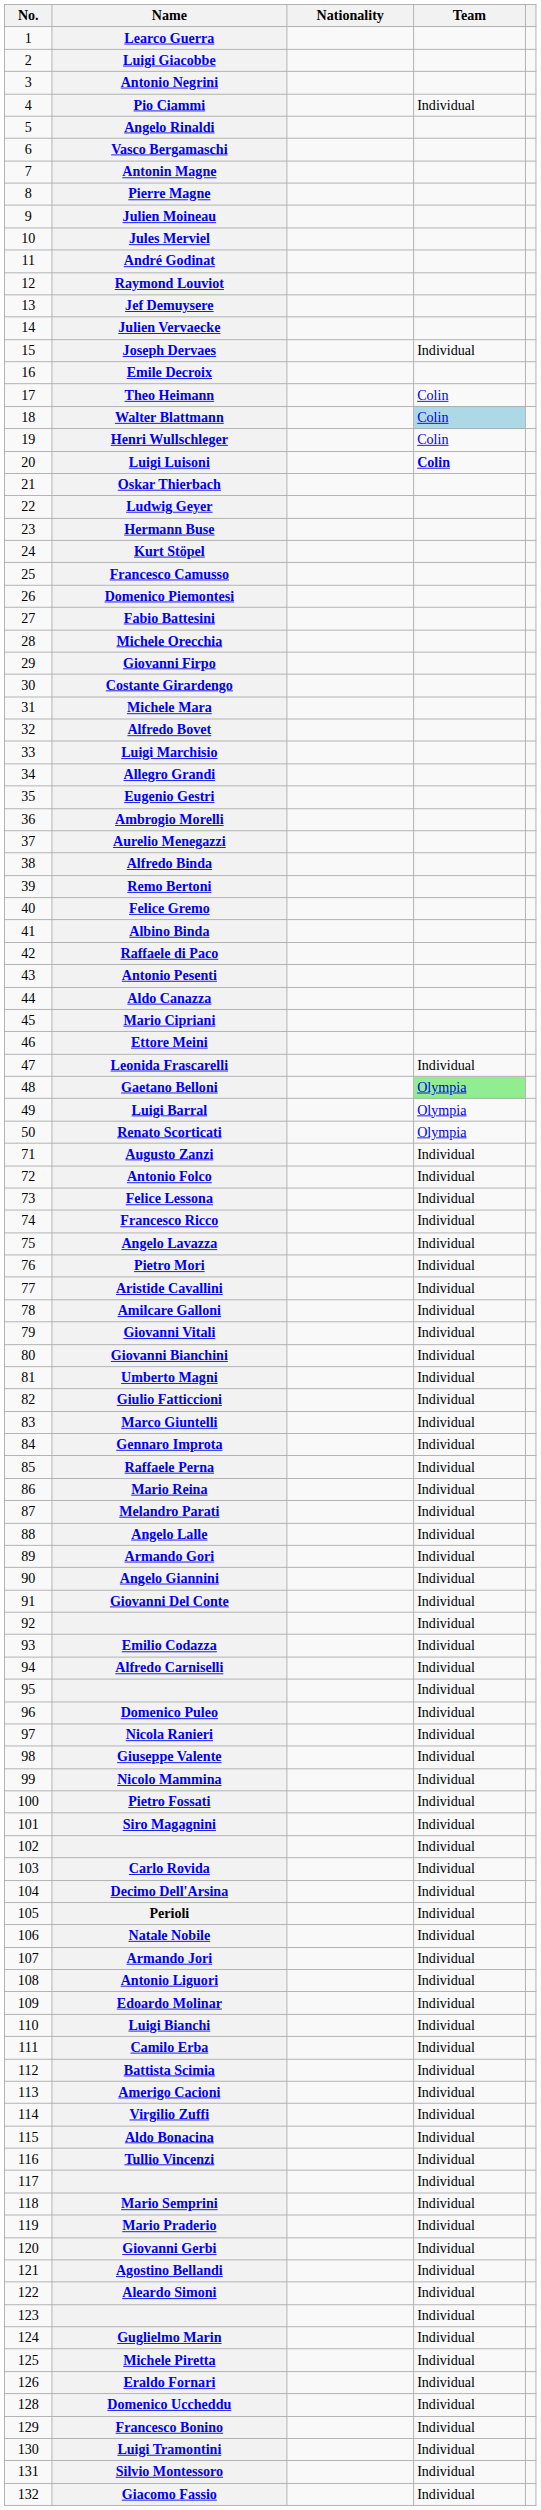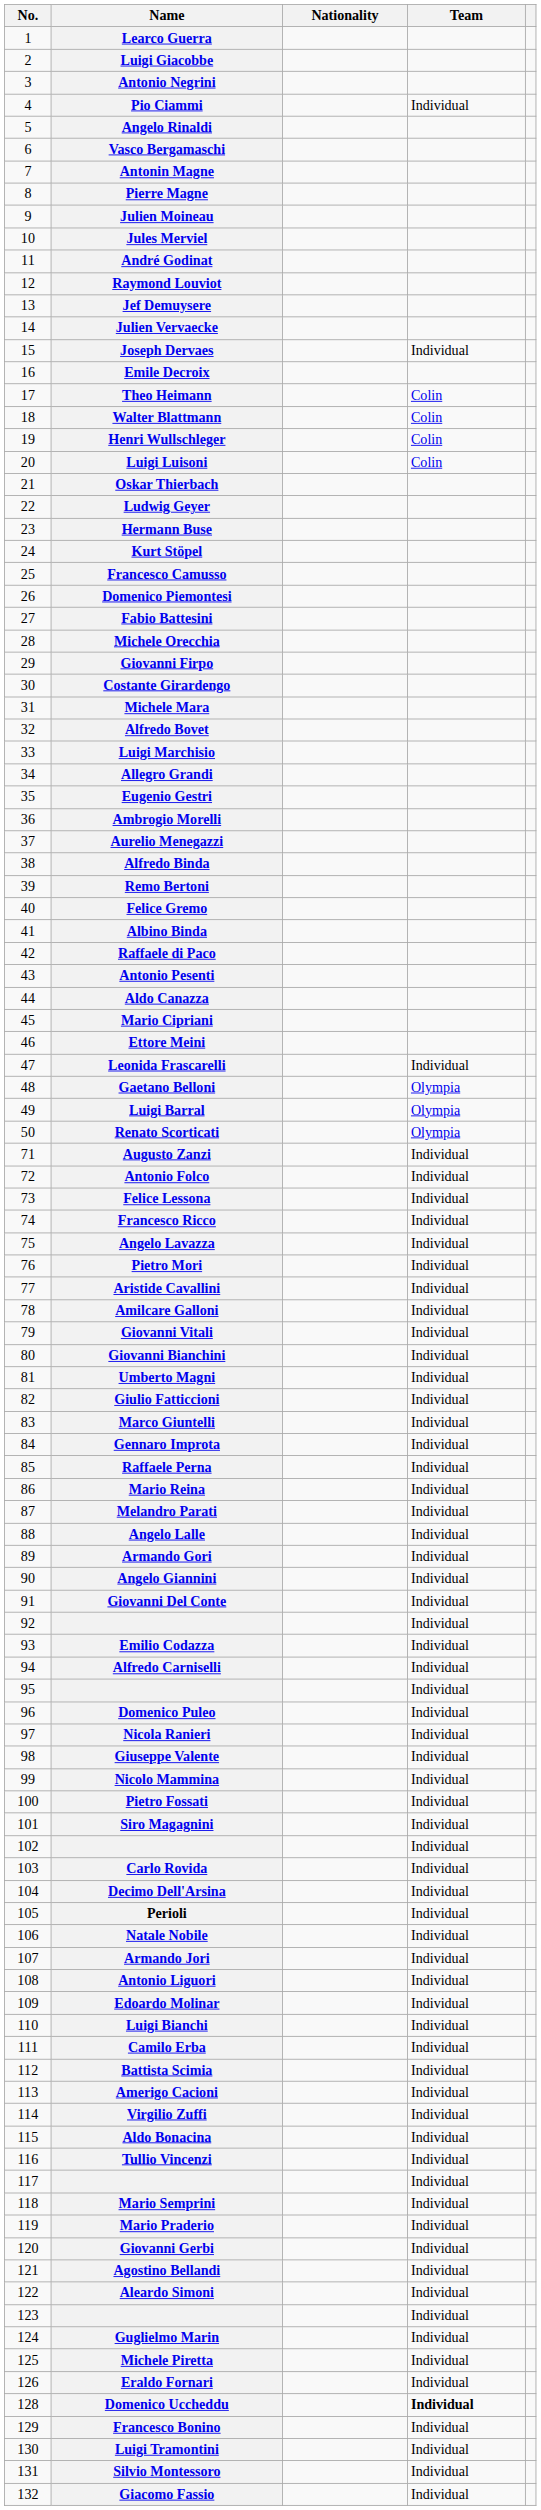 <table class="wikitable plainrowheaders sortable" style="width:97%">
 <tr>
 <th scope="col">No.</th>
 <th scope="col">Name</th>
 <th scope="col">Nationality</th>
 <th scope="col">Team</th>
 <th scope="col" class="unsortable"></th>
 </tr>
 <tr>
 <td style="text-align:center;">1</td>
 <th scope="row"><a href='#'>Learco Guerra</a></th>
 <td></td>
 <td></td>
 <td style="text-align:center;"></td>
 </tr>
 <tr>
 <td style="text-align:center;">2</td>
 <th scope="row"><a href='#'>Luigi Giacobbe</a></th>
 <td></td>
 <td></td>
 <td style="text-align:center;"></td>
 </tr>
 <tr>
 <td style="text-align:center;">3</td>
 <th scope="row"><a href='#'>Antonio Negrini</a></th>
 <td></td>
 <td></td>
 <td style="text-align:center;"></td>
 </tr>
 <tr>
 <td style="text-align:center;">4</td>
 <th scope="row"><a href='#'>Pio Ciammi</a></th>
 <td></td>
 <td>Individual</td>
 <td style="text-align:center;"></td>
 </tr>
 <tr>
 <td style="text-align:center;">5</td>
 <th scope="row"><a href='#'>Angelo Rinaldi</a></th>
 <td></td>
 <td></td>
 <td style="text-align:center;"></td>
 </tr>
 <tr>
 <td style="text-align:center;">6</td>
 <th scope="row"><a href='#'>Vasco Bergamaschi</a></th>
 <td></td>
 <td></td>
 <td style="text-align:center;"></td>
 </tr>
 <tr>
 <td style="text-align:center;">7</td>
 <th scope="row"><a href='#'>Antonin Magne</a></th>
 <td></td>
 <td></td>
 <td style="text-align:center;"></td>
 </tr>
 <tr>
 <td style="text-align:center;">8</td>
 <th scope="row"><a href='#'>Pierre Magne</a></th>
 <td></td>
 <td></td>
 <td style="text-align:center;"></td>
 </tr>
 <tr>
 <td style="text-align:center;">9</td>
 <th scope="row"><a href='#'>Julien Moineau</a></th>
 <td></td>
 <td></td>
 <td style="text-align:center;"></td>
 </tr>
 <tr>
 <td style="text-align:center;">10</td>
 <th scope="row"><a href='#'>Jules Merviel</a></th>
 <td></td>
 <td></td>
 <td style="text-align:center;"></td>
 </tr>
 <tr>
 <td style="text-align:center;">11</td>
 <th scope="row"><a href='#'>André Godinat</a></th>
 <td></td>
 <td></td>
 <td style="text-align:center;"></td>
 </tr>
 <tr>
 <td style="text-align:center;">12</td>
 <th scope="row"><a href='#'>Raymond Louviot</a></th>
 <td></td>
 <td></td>
 <td style="text-align:center;"></td>
 </tr>
 <tr>
 <td style="text-align:center;">13</td>
 <th scope="row"><a href='#'>Jef Demuysere</a></th>
 <td></td>
 <td></td>
 <td style="text-align:center;"></td>
 </tr>
 <tr>
 <td style="text-align:center;">14</td>
 <th scope="row"><a href='#'>Julien Vervaecke</a></th>
 <td></td>
 <td></td>
 <td style="text-align:center;"></td>
 </tr>
 <tr>
 <td style="text-align:center;">15</td>
 <th scope="row"><a href='#'>Joseph Dervaes</a></th>
 <td></td>
 <td>Individual</td>
 <td style="text-align:center;"></td>
 </tr>
 <tr>
 <td style="text-align:center;">16</td>
 <th scope="row"><a href='#'>Emile Decroix</a></th>
 <td></td>
 <td></td>
 <td style="text-align:center;"></td>
 </tr>
 <tr>
 <td style="text-align:center;">17</td>
 <th scope="row"><a href='#'>Theo Heimann</a></th>
 <td></td>
 <td><a href='#'>Colin</a></td>
 <td style="text-align:center;"></td>
 </tr>
 <tr>
 <td style="text-align:center;">18</td>
 <th scope="row"><a href='#'>Walter Blattmann</a></th>
 <td></td>
-<td style="background: lightblue;"><a href='#'>Colin</a></td>
+<td><a href='#'>Colin</a></td>
 <td style="text-align:center;"></td>
 </tr>
 <tr>
 <td style="text-align:center;">19</td>
 <th scope="row"><a href='#'>Henri Wullschleger</a></th>
 <td></td>
 <td><a href='#'>Colin</a></td>
 <td style="text-align:center;"></td>
 </tr>
 <tr>
 <td style="text-align:center;">20</td>
 <th scope="row"><a href='#'>Luigi Luisoni</a></th>
 <td></td>
-<td><strong><a href='#'>Colin</a></strong></td>
+<td><a href='#'>Colin</a></td>
 <td style="text-align:center;"></td>
 </tr>
 <tr>
 <td style="text-align:center;">21</td>
 <th scope="row"><a href='#'>Oskar Thierbach</a></th>
 <td></td>
 <td></td>
 <td style="text-align:center;"></td>
 </tr>
 <tr>
 <td style="text-align:center;">22</td>
 <th scope="row"><a href='#'>Ludwig Geyer</a></th>
 <td></td>
 <td></td>
 <td style="text-align:center;"></td>
 </tr>
 <tr>
 <td style="text-align:center;">23</td>
 <th scope="row"><a href='#'>Hermann Buse</a></th>
 <td></td>
 <td></td>
 <td style="text-align:center;"></td>
 </tr>
 <tr>
 <td style="text-align:center;">24</td>
 <th scope="row"><a href='#'>Kurt Stöpel</a></th>
 <td></td>
 <td></td>
 <td style="text-align:center;"></td>
 </tr>
 <tr>
 <td style="text-align:center;">25</td>
 <th scope="row"><a href='#'>Francesco Camusso</a></th>
 <td></td>
 <td></td>
 <td style="text-align:center;"></td>
 </tr>
 <tr>
 <td style="text-align:center;">26</td>
 <th scope="row"><a href='#'>Domenico Piemontesi</a></th>
 <td></td>
 <td></td>
 <td style="text-align:center;"></td>
 </tr>
 <tr>
 <td style="text-align:center;">27</td>
 <th scope="row"><a href='#'>Fabio Battesini</a></th>
 <td></td>
 <td></td>
 <td style="text-align:center;"></td>
 </tr>
 <tr>
 <td style="text-align:center;">28</td>
 <th scope="row"><a href='#'>Michele Orecchia</a></th>
 <td></td>
 <td></td>
 <td style="text-align:center;"></td>
 </tr>
 <tr>
 <td style="text-align:center;">29</td>
 <th scope="row"><a href='#'>Giovanni Firpo</a></th>
 <td></td>
 <td></td>
 <td style="text-align:center;"></td>
 </tr>
 <tr>
 <td style="text-align:center;">30</td>
 <th scope="row"><a href='#'>Costante Girardengo</a></th>
 <td></td>
 <td></td>
 <td style="text-align:center;"></td>
 </tr>
 <tr>
 <td style="text-align:center;">31</td>
 <th scope="row"><a href='#'>Michele Mara</a></th>
 <td></td>
 <td></td>
 <td style="text-align:center;"></td>
 </tr>
 <tr>
 <td style="text-align:center;">32</td>
 <th scope="row"><a href='#'>Alfredo Bovet</a></th>
 <td></td>
 <td></td>
 <td style="text-align:center;"></td>
 </tr>
 <tr>
 <td style="text-align:center;">33</td>
 <th scope="row"><a href='#'>Luigi Marchisio</a></th>
 <td></td>
 <td></td>
 <td style="text-align:center;"></td>
 </tr>
 <tr>
 <td style="text-align:center;">34</td>
 <th scope="row"><a href='#'>Allegro Grandi</a></th>
 <td></td>
 <td></td>
 <td style="text-align:center;"></td>
 </tr>
 <tr>
 <td style="text-align:center;">35</td>
 <th scope="row"><a href='#'>Eugenio Gestri</a></th>
 <td></td>
 <td></td>
 <td style="text-align:center;"></td>
 </tr>
 <tr>
 <td style="text-align:center;">36</td>
 <th scope="row"><a href='#'>Ambrogio Morelli</a></th>
 <td></td>
 <td></td>
 <td style="text-align:center;"></td>
 </tr>
 <tr>
 <td style="text-align:center;">37</td>
 <th scope="row"><a href='#'>Aurelio Menegazzi</a></th>
 <td></td>
 <td></td>
 <td style="text-align:center;"></td>
 </tr>
 <tr>
 <td style="text-align:center;">38</td>
 <th scope="row"><a href='#'>Alfredo Binda</a></th>
 <td></td>
 <td></td>
 <td style="text-align:center;"></td>
 </tr>
 <tr>
 <td style="text-align:center;">39</td>
 <th scope="row"><a href='#'>Remo Bertoni</a></th>
 <td></td>
 <td></td>
 <td style="text-align:center;"></td>
 </tr>
 <tr>
 <td style="text-align:center;">40</td>
 <th scope="row"><a href='#'>Felice Gremo</a></th>
 <td></td>
 <td></td>
 <td style="text-align:center;"></td>
 </tr>
 <tr>
 <td style="text-align:center;">41</td>
 <th scope="row"><a href='#'>Albino Binda</a></th>
 <td></td>
 <td></td>
 <td style="text-align:center;"></td>
 </tr>
 <tr>
 <td style="text-align:center;">42</td>
 <th scope="row"><a href='#'>Raffaele di Paco</a></th>
 <td></td>
 <td></td>
 <td style="text-align:center;"></td>
 </tr>
 <tr>
 <td style="text-align:center;">43</td>
 <th scope="row"><a href='#'>Antonio Pesenti</a></th>
 <td></td>
 <td></td>
 <td style="text-align:center;"></td>
 </tr>
 <tr>
 <td style="text-align:center;">44</td>
 <th scope="row"><a href='#'>Aldo Canazza</a></th>
 <td></td>
 <td></td>
 <td style="text-align:center;"></td>
 </tr>
 <tr>
 <td style="text-align:center;">45</td>
 <th scope="row"><a href='#'>Mario Cipriani</a></th>
 <td></td>
 <td></td>
 <td style="text-align:center;"></td>
 </tr>
 <tr>
 <td style="text-align:center;">46</td>
 <th scope="row"><a href='#'>Ettore Meini</a></th>
 <td></td>
 <td></td>
 <td style="text-align:center;"></td>
 </tr>
 <tr>
 <td style="text-align:center;">47</td>
 <th scope="row"><a href='#'>Leonida Frascarelli</a></th>
 <td></td>
 <td>Individual</td>
 <td style="text-align:center;"></td>
 </tr>
 <tr>
 <td style="text-align:center;">48</td>
 <th scope="row"><a href='#'>Gaetano Belloni</a></th>
 <td></td>
-<td style="background: lightgreen;"><a href='#'>Olympia</a></td>
+<td><a href='#'>Olympia</a></td>
 <td style="text-align:center;"></td>
 </tr>
 <tr>
 <td style="text-align:center;">49</td>
 <th scope="row"><a href='#'>Luigi Barral</a></th>
 <td></td>
 <td><a href='#'>Olympia</a></td>
 <td style="text-align:center;"></td>
 </tr>
 <tr>
 <td style="text-align:center;">50</td>
 <th scope="row"><a href='#'>Renato Scorticati</a></th>
 <td></td>
 <td><a href='#'>Olympia</a></td>
 <td style="text-align:center;"></td>
 </tr>
 <tr>
 <td style="text-align:center;">71</td>
 <th scope="row"><a href='#'>Augusto Zanzi</a></th>
 <td></td>
 <td>Individual</td>
 <td style="text-align:center;"></td>
 </tr>
 <tr>
 <td style="text-align:center;">72</td>
 <th scope="row"><a href='#'>Antonio Folco</a></th>
 <td></td>
 <td>Individual</td>
 <td style="text-align:center;"></td>
 </tr>
 <tr>
 <td style="text-align:center;">73</td>
 <th scope="row"><a href='#'>Felice Lessona</a></th>
 <td></td>
 <td>Individual</td>
 <td style="text-align:center;"></td>
 </tr>
 <tr>
 <td style="text-align:center;">74</td>
 <th scope="row"><a href='#'>Francesco Ricco</a></th>
 <td></td>
 <td>Individual</td>
 <td style="text-align:center;"></td>
 </tr>
 <tr>
 <td style="text-align:center;">75</td>
 <th scope="row"><a href='#'>Angelo Lavazza</a></th>
 <td></td>
 <td>Individual</td>
 <td style="text-align:center;"></td>
 </tr>
 <tr>
 <td style="text-align:center;">76</td>
 <th scope="row"><a href='#'>Pietro Mori</a></th>
 <td></td>
 <td>Individual</td>
 <td style="text-align:center;"></td>
 </tr>
 <tr>
 <td style="text-align:center;">77</td>
 <th scope="row"><a href='#'>Aristide Cavallini</a></th>
 <td></td>
 <td>Individual</td>
 <td style="text-align:center;"></td>
 </tr>
 <tr>
 <td style="text-align:center;">78</td>
 <th scope="row"><a href='#'>Amilcare Galloni</a></th>
 <td></td>
 <td>Individual</td>
 <td style="text-align:center;"></td>
 </tr>
 <tr>
 <td style="text-align:center;">79</td>
 <th scope="row"><a href='#'>Giovanni Vitali</a></th>
 <td></td>
 <td>Individual</td>
 <td style="text-align:center;"></td>
 </tr>
 <tr>
 <td style="text-align:center;">80</td>
 <th scope="row"><a href='#'>Giovanni Bianchini</a></th>
 <td></td>
 <td>Individual</td>
 <td style="text-align:center;"></td>
 </tr>
 <tr>
 <td style="text-align:center;">81</td>
 <th scope="row"><a href='#'>Umberto Magni</a></th>
 <td></td>
 <td>Individual</td>
 <td style="text-align:center;"></td>
 </tr>
 <tr>
 <td style="text-align:center;">82</td>
 <th scope="row"><a href='#'>Giulio Fatticcioni</a></th>
 <td></td>
 <td>Individual</td>
 <td style="text-align:center;"></td>
 </tr>
 <tr>
 <td style="text-align:center;">83</td>
 <th scope="row"><a href='#'>Marco Giuntelli</a></th>
 <td></td>
 <td>Individual</td>
 <td style="text-align:center;"></td>
 </tr>
 <tr>
 <td style="text-align:center;">84</td>
 <th scope="row"><a href='#'>Gennaro Improta</a></th>
 <td></td>
 <td>Individual</td>
 <td style="text-align:center;"></td>
 </tr>
 <tr>
 <td style="text-align:center;">85</td>
 <th scope="row"><a href='#'>Raffaele Perna</a></th>
 <td></td>
 <td>Individual</td>
 <td style="text-align:center;"></td>
 </tr>
 <tr>
 <td style="text-align:center;">86</td>
 <th scope="row"><a href='#'>Mario Reina</a></th>
 <td></td>
 <td>Individual</td>
 <td style="text-align:center;"></td>
 </tr>
 <tr>
 <td style="text-align:center;">87</td>
 <th scope="row"><a href='#'>Melandro Parati</a></th>
 <td></td>
 <td>Individual</td>
 <td style="text-align:center;"></td>
 </tr>
 <tr>
 <td style="text-align:center;">88</td>
 <th scope="row"><a href='#'>Angelo Lalle</a></th>
 <td></td>
 <td>Individual</td>
 <td style="text-align:center;"></td>
 </tr>
 <tr>
 <td style="text-align:center;">89</td>
 <th scope="row"><a href='#'>Armando Gori</a></th>
 <td></td>
 <td>Individual</td>
 <td style="text-align:center;"></td>
 </tr>
 <tr>
 <td style="text-align:center;">90</td>
 <th scope="row"><a href='#'>Angelo Giannini</a></th>
 <td></td>
 <td>Individual</td>
 <td style="text-align:center;"></td>
 </tr>
 <tr>
 <td style="text-align:center;">91</td>
 <th scope="row"><a href='#'>Giovanni Del Conte</a></th>
 <td></td>
 <td>Individual</td>
 <td style="text-align:center;"></td>
 </tr>
 <tr>
 <td style="text-align:center;">92</td>
 <th scope="row"></th>
 <td></td>
 <td>Individual</td>
 <td style="text-align:center;"></td>
 </tr>
 <tr>
 <td style="text-align:center;">93</td>
 <th scope="row"><a href='#'>Emilio Codazza</a></th>
 <td></td>
 <td>Individual</td>
 <td style="text-align:center;"></td>
 </tr>
 <tr>
 <td style="text-align:center;">94</td>
 <th scope="row"><a href='#'>Alfredo Carniselli</a></th>
 <td></td>
 <td>Individual</td>
 <td style="text-align:center;"></td>
 </tr>
 <tr>
 <td style="text-align:center;">95</td>
 <th scope="row"></th>
 <td></td>
 <td>Individual</td>
 <td style="text-align:center;"></td>
 </tr>
 <tr>
 <td style="text-align:center;">96</td>
 <th scope="row"><a href='#'>Domenico Puleo</a></th>
 <td></td>
 <td>Individual</td>
 <td style="text-align:center;"></td>
 </tr>
 <tr>
 <td style="text-align:center;">97</td>
 <th scope="row"><a href='#'>Nicola Ranieri</a></th>
 <td></td>
 <td>Individual</td>
 <td style="text-align:center;"></td>
 </tr>
 <tr>
 <td style="text-align:center;">98</td>
 <th scope="row"><a href='#'>Giuseppe Valente</a></th>
 <td></td>
 <td>Individual</td>
 <td style="text-align:center;"></td>
 </tr>
 <tr>
 <td style="text-align:center;">99</td>
 <th scope="row"><a href='#'>Nicolo Mammina</a></th>
 <td></td>
 <td>Individual</td>
 <td style="text-align:center;"></td>
 </tr>
 <tr>
 <td style="text-align:center;">100</td>
 <th scope="row"><a href='#'>Pietro Fossati</a></th>
 <td></td>
 <td>Individual</td>
 <td style="text-align:center;"></td>
 </tr>
 <tr>
 <td style="text-align:center;">101</td>
 <th scope="row"><a href='#'>Siro Magagnini</a></th>
 <td></td>
 <td>Individual</td>
 <td style="text-align:center;"></td>
 </tr>
 <tr>
 <td style="text-align:center;">102</td>
 <th scope="row"></th>
 <td></td>
 <td>Individual</td>
 <td style="text-align:center;"></td>
 </tr>
 <tr>
 <td style="text-align:center;">103</td>
 <th scope="row"><a href='#'>Carlo Rovida</a></th>
 <td></td>
 <td>Individual</td>
 <td style="text-align:center;"></td>
 </tr>
 <tr>
 <td style="text-align:center;">104</td>
 <th scope="row"><a href='#'>Decimo Dell'Arsina</a></th>
 <td></td>
 <td>Individual</td>
 <td style="text-align:center;"></td>
 </tr>
 <tr>
 <td style="text-align:center;">105</td>
 <th scope="row">Perioli</th>
 <td></td>
 <td>Individual</td>
 <td style="text-align:center;"></td>
 </tr>
 <tr>
 <td style="text-align:center;">106</td>
 <th scope="row"><a href='#'>Natale Nobile</a></th>
 <td></td>
 <td>Individual</td>
 <td style="text-align:center;"></td>
 </tr>
 <tr>
 <td style="text-align:center;">107</td>
 <th scope="row"><a href='#'>Armando Jori</a></th>
 <td></td>
 <td>Individual</td>
 <td style="text-align:center;"></td>
 </tr>
 <tr>
 <td style="text-align:center;">108</td>
 <th scope="row"><a href='#'>Antonio Liguori</a></th>
 <td></td>
 <td>Individual</td>
 <td style="text-align:center;"></td>
 </tr>
 <tr>
 <td style="text-align:center;">109</td>
 <th scope="row"><a href='#'>Edoardo Molinar</a></th>
 <td></td>
 <td>Individual</td>
 <td style="text-align:center;"></td>
 </tr>
 <tr>
 <td style="text-align:center;">110</td>
 <th scope="row"><a href='#'>Luigi Bianchi</a></th>
 <td></td>
 <td>Individual</td>
 <td style="text-align:center;"></td>
 </tr>
 <tr>
 <td style="text-align:center;">111</td>
 <th scope="row"><a href='#'>Camilo Erba</a></th>
 <td></td>
 <td>Individual</td>
 <td style="text-align:center;"></td>
 </tr>
 <tr>
 <td style="text-align:center;">112</td>
 <th scope="row"><a href='#'>Battista Scimia</a></th>
 <td></td>
 <td>Individual</td>
 <td style="text-align:center;"></td>
 </tr>
 <tr>
 <td style="text-align:center;">113</td>
 <th scope="row"><a href='#'>Amerigo Cacioni</a></th>
 <td></td>
 <td>Individual</td>
 <td style="text-align:center;"></td>
 </tr>
 <tr>
 <td style="text-align:center;">114</td>
 <th scope="row"><a href='#'>Virgilio Zuffi</a></th>
 <td></td>
 <td>Individual</td>
 <td style="text-align:center;"></td>
 </tr>
 <tr>
 <td style="text-align:center;">115</td>
 <th scope="row"><a href='#'>Aldo Bonacina</a></th>
 <td></td>
 <td>Individual</td>
 <td style="text-align:center;"></td>
 </tr>
 <tr>
 <td style="text-align:center;">116</td>
 <th scope="row"><a href='#'>Tullio Vincenzi</a></th>
 <td></td>
 <td>Individual</td>
 <td style="text-align:center;"></td>
 </tr>
 <tr>
 <td style="text-align:center;">117</td>
 <th scope="row"></th>
 <td></td>
 <td>Individual</td>
 <td style="text-align:center;"></td>
 </tr>
 <tr>
 <td style="text-align:center;">118</td>
 <th scope="row"><a href='#'>Mario Semprini</a></th>
 <td></td>
 <td>Individual</td>
 <td style="text-align:center;"></td>
 </tr>
 <tr>
 <td style="text-align:center;">119</td>
 <th scope="row"><a href='#'>Mario Praderio</a></th>
 <td></td>
 <td>Individual</td>
 <td style="text-align:center;"></td>
 </tr>
 <tr>
 <td style="text-align:center;">120</td>
 <th scope="row"><a href='#'>Giovanni Gerbi</a></th>
 <td></td>
 <td>Individual</td>
 <td style="text-align:center;"></td>
 </tr>
 <tr>
 <td style="text-align:center;">121</td>
 <th scope="row"><a href='#'>Agostino Bellandi</a></th>
 <td></td>
 <td>Individual</td>
 <td style="text-align:center;"></td>
 </tr>
 <tr>
 <td style="text-align:center;">122</td>
 <th scope="row"><a href='#'>Aleardo Simoni</a></th>
 <td></td>
 <td>Individual</td>
 <td style="text-align:center;"></td>
 </tr>
 <tr>
 <td style="text-align:center;">123</td>
 <th scope="row"></th>
 <td></td>
 <td>Individual</td>
 <td style="text-align:center;"></td>
 </tr>
 <tr>
 <td style="text-align:center;">124</td>
 <th scope="row"><a href='#'>Guglielmo Marin</a></th>
 <td></td>
 <td>Individual</td>
 <td style="text-align:center;"></td>
 </tr>
 <tr>
 <td style="text-align:center;">125</td>
 <th scope="row"><a href='#'>Michele Piretta</a></th>
 <td></td>
 <td>Individual</td>
 <td style="text-align:center;"></td>
 </tr>
 <tr>
 <td style="text-align:center;">126</td>
 <th scope="row"><a href='#'>Eraldo Fornari</a></th>
 <td></td>
 <td>Individual</td>
 <td style="text-align:center;"></td>
 </tr>
 <tr>
 <td style="text-align:center;">128</td>
 <th scope="row"><a href='#'>Domenico Uccheddu</a></th>
 <td></td>
-<td>Individual</td>
+<td><strong>Individual</strong></td>
 <td style="text-align:center;"></td>
 </tr>
 <tr>
 <td style="text-align:center;">129</td>
 <th scope="row"><a href='#'>Francesco Bonino</a></th>
 <td></td>
 <td>Individual</td>
 <td style="text-align:center;"></td>
 </tr>
 <tr>
 <td style="text-align:center;">130</td>
 <th scope="row"><a href='#'>Luigi Tramontini</a></th>
 <td></td>
 <td>Individual</td>
 <td style="text-align:center;"></td>
 </tr>
 <tr>
 <td style="text-align:center;">131</td>
 <th scope="row"><a href='#'>Silvio Montessoro</a></th>
 <td></td>
 <td>Individual</td>
 <td style="text-align:center;"></td>
 </tr>
 <tr>
 <td style="text-align:center;">132</td>
 <th scope="row"><a href='#'>Giacomo Fassio</a></th>
 <td></td>
 <td>Individual</td>
 <td style="text-align:center;"></td>
 </tr>
 </table>
